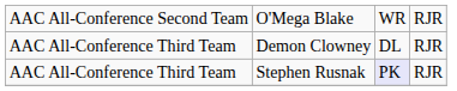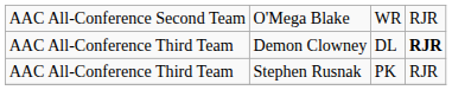 <table class="wikitable">
 <tr>
 <td>AAC All-Conference Second Team</td>
 <td>O'Mega Blake</td>
 <td>WR</td>
 <td>RJR</td>
 </tr>
 <tr>
 <td>AAC All-Conference Third Team</td>
 <td>Demon Clowney</td>
 <td>DL</td>
-<td>RJR</td>
+<td><strong>RJR</strong></td>
 </tr>
 <tr>
 <td>AAC All-Conference Third Team</td>
 <td>Stephen Rusnak</td>
-<td style="background: lavender;">PK</td>
+<td>PK</td>
 <td>RJR</td>
 </tr>
 <tr>
 </tr>
 </table>
